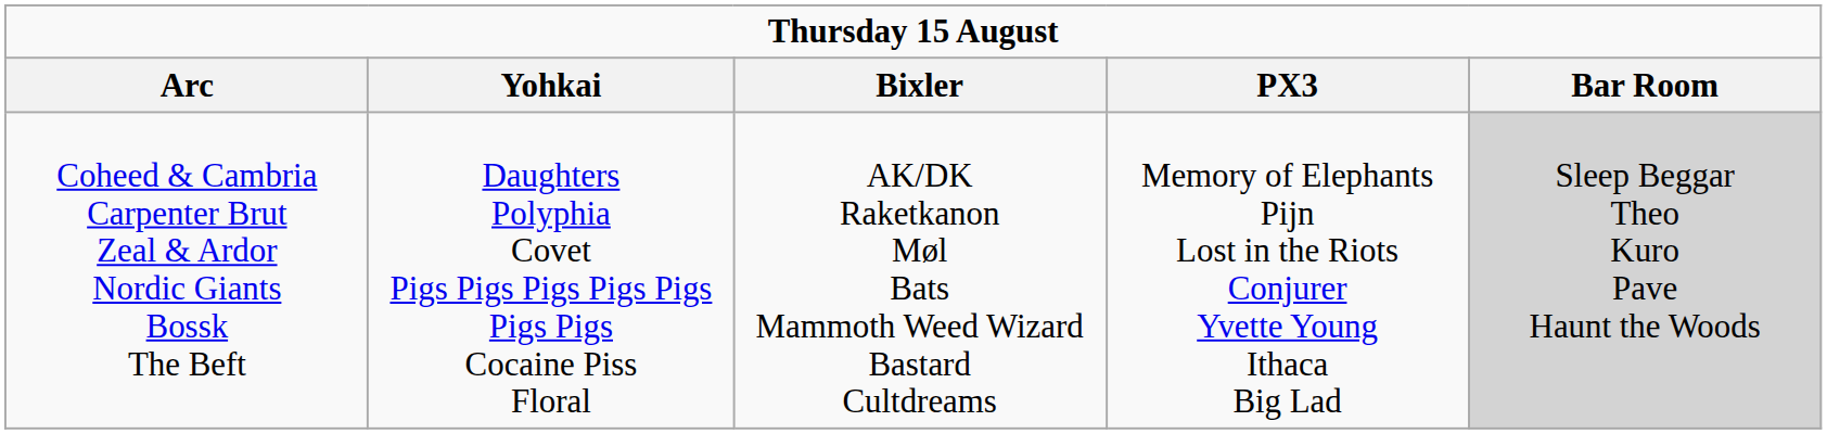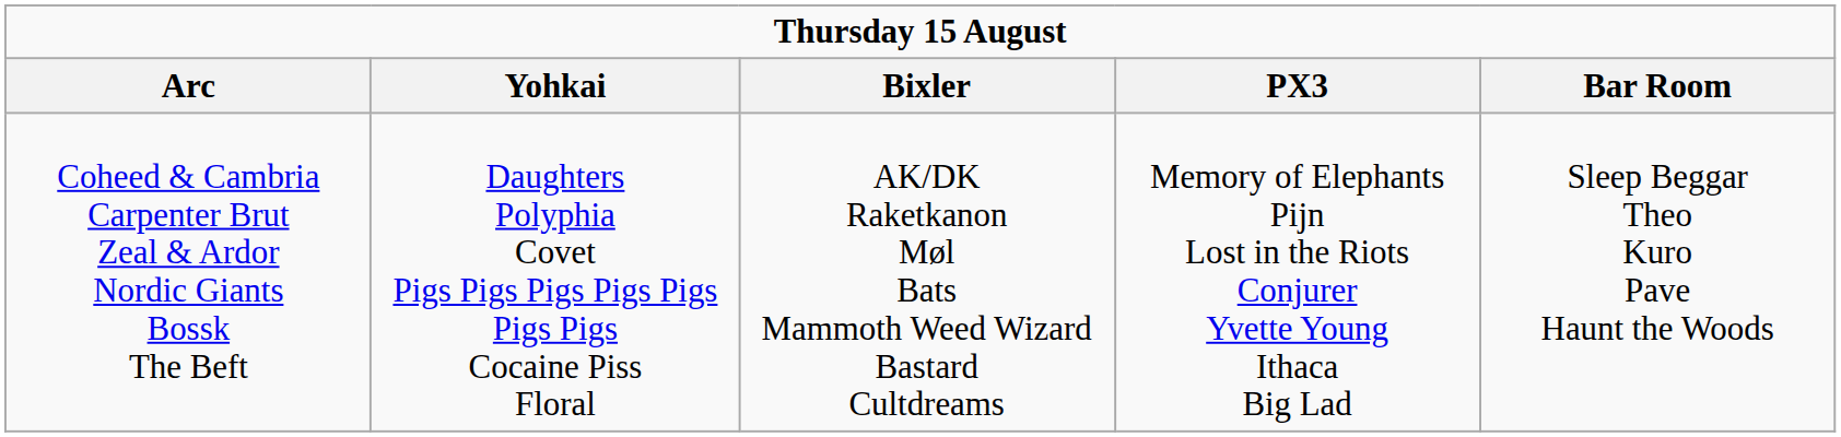 <table class="wikitable">
 <tr>
 <td colspan="5" style="text-align:center;"><strong>Thursday 15 August</strong></td>
 </tr>
 <tr>
 <th>Arc</th>
 <th>Yohkai</th>
 <th>Bixler</th>
 <th>PX3</th>
 <th>Bar Room</th>
 </tr>
 <tr>
 <td style="text-align:center; vertical-align:top; width:215px;"><br><a href='#'>Coheed & Cambria</a><br> <a href='#'>Carpenter Brut</a><br> <a href='#'>Zeal & Ardor</a><br> <a href='#'>Nordic Giants</a><br> <a href='#'>Bossk</a><br> The Beft</td>
 <td style="text-align:center; vertical-align:top; width:215px;"><br><a href='#'>Daughters</a><br> <a href='#'>Polyphia</a><br> Covet<br> <a href='#'>Pigs Pigs Pigs Pigs Pigs Pigs Pigs</a><br> Cocaine Piss<br> Floral<br></td>
 <td style="text-align:center; vertical-align:top; width:215px;"><br>AK/DK<br> Raketkanon<br> Møl<br> Bats<br> Mammoth Weed Wizard Bastard<br> Cultdreams<br></td>
 <td style="text-align:center; vertical-align:top; width:215px;"><br>Memory of Elephants<br> Pijn<br> Lost in the Riots<br> <a href='#'>Conjurer</a><br> <a href='#'>Yvette Young</a><br> Ithaca<br> Big Lad<br></td>
-<td style="background: lightgrey; text-align:center; vertical-align:top; width:215px;"><br>Sleep Beggar<br> Theo<br> Kuro<br> Pave<br> Haunt the Woods<br></td>
+<td style="text-align:center; vertical-align:top; width:215px;"><br>Sleep Beggar<br> Theo<br> Kuro<br> Pave<br> Haunt the Woods<br></td>
 </tr>
 </table>
